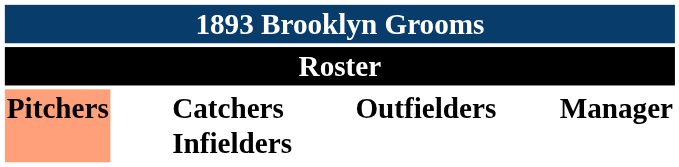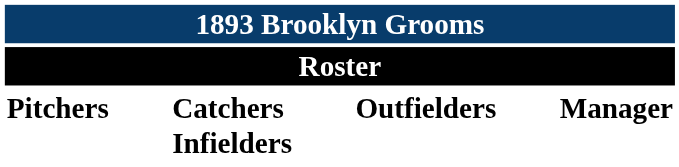 <table class="toccolours" style="font-size: 95%;">
 <tr>
 <th colspan="10" style="background-color: #083c6b; color: white; text-align: center;">1893 Brooklyn Grooms</th>
 </tr>
 <tr>
 <td colspan="10" style="background-color: black; color: white; text-align: center;"><strong>Roster</strong></td>
 </tr>
 <tr>
-<td valign="top" style="background: lightsalmon;"><strong>Pitchers</strong><br>      </td>
+<td valign="top"><strong>Pitchers</strong><br>      </td>
 <td width="25px"></td>
 <td valign="top"><strong>Catchers</strong><br>   <strong>Infielders</strong>      </td>
 <td width="25px"></td>
 <td valign="top"><strong>Outfielders</strong><br>    </td>
 <td width="25px"></td>
 <td valign="top"><strong>Manager</strong><br></td>
 </tr>
 </table>
